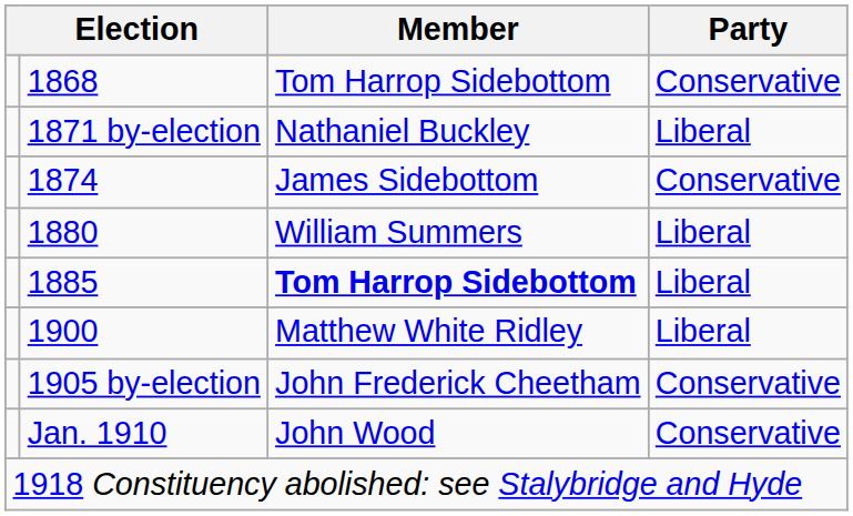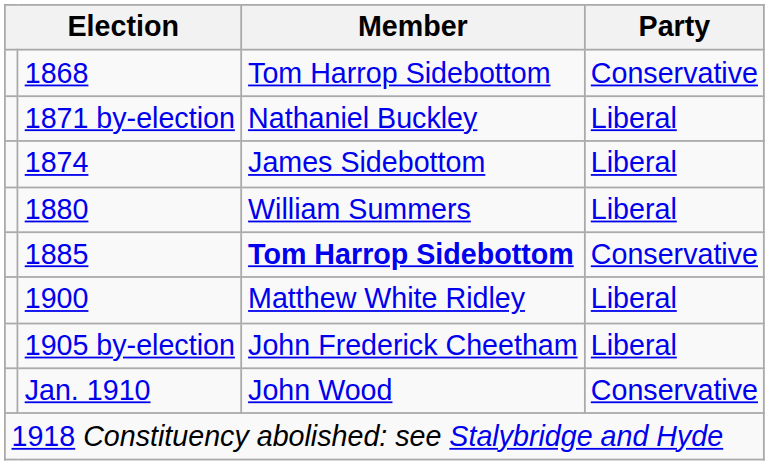 <table class="wikitable">
 <tr>
 <th colspan="2">Election</th>
 <th>Member</th>
 <th>Party</th>
 </tr>
 <tr>
 <td style="color:inherit;background-color: "></td>
 <td><a href='#'>1868</a></td>
 <td><a href='#'>Tom Harrop Sidebottom</a></td>
 <td><a href='#'>Conservative</a></td>
 </tr>
 <tr>
 <td style="color:inherit;background-color: "></td>
 <td><a href='#'>1871 by-election</a></td>
 <td><a href='#'>Nathaniel Buckley</a></td>
 <td><a href='#'>Liberal</a></td>
 </tr>
 <tr>
 <td style="color:inherit;background-color: "></td>
 <td><a href='#'>1874</a></td>
 <td><a href='#'>James Sidebottom</a></td>
-<td><a href='#'>Conservative</a></td>
+<td><a href='#'>Liberal</a></td>
 </tr>
 <tr>
 <td style="color:inherit;background-color: "></td>
 <td><a href='#'>1880</a></td>
 <td><a href='#'>William Summers</a></td>
 <td><a href='#'>Liberal</a></td>
 </tr>
 <tr>
 <td style="color:inherit;background-color: "></td>
 <td><a href='#'>1885</a></td>
 <td><strong><a href='#'>Tom Harrop Sidebottom</a></strong></td>
-<td><a href='#'>Liberal</a></td>
+<td><a href='#'>Conservative</a></td>
 </tr>
 <tr>
 <td style="color:inherit;background-color: "></td>
 <td><a href='#'>1900</a></td>
 <td><a href='#'>Matthew White Ridley</a></td>
 <td><a href='#'>Liberal</a></td>
 </tr>
 <tr>
 <td style="color:inherit;background-color: "></td>
 <td><a href='#'>1905 by-election</a></td>
 <td><a href='#'>John Frederick Cheetham</a></td>
-<td><a href='#'>Conservative</a></td>
+<td><a href='#'>Liberal</a></td>
 </tr>
 <tr>
 <td style="color:inherit;background-color: "></td>
 <td><a href='#'>Jan. 1910</a></td>
 <td><a href='#'>John Wood</a></td>
 <td><a href='#'>Conservative</a></td>
 </tr>
 <tr>
 <td colspan="4"><a href='#'>1918</a> <em>Constituency abolished: see <a href='#'>Stalybridge and Hyde</a></em></td>
 </tr>
 </table>
